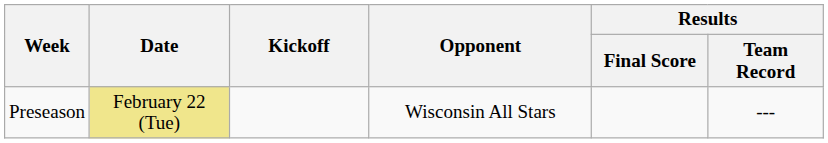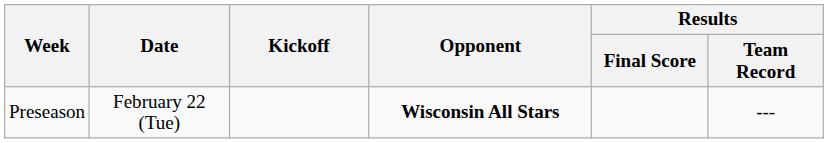 <table class="wikitable">
 <tr>
 <th rowspan="2" width="40">Week</th>
 <th rowspan="2" width="110">Date</th>
 <th rowspan="2" width="110">Kickoff</th>
 <th rowspan="2" width="180">Opponent</th>
 <th colspan="2" width="180">Results</th>
 </tr>
 <tr>
 <th width="90">Final Score</th>
 <th width="90">Team Record</th>
 </tr>
 <tr>
 <td align="center">Preseason</td>
-<td align="center" style="background: khaki;">February 22 (Tue)</td>
+<td align="center">February 22 (Tue)</td>
 <td align="center"></td>
-<td align="center">Wisconsin All Stars</td>
+<td align="center"><strong>Wisconsin All Stars</strong></td>
 <td align="center"></td>
 <td align="center">---</td>
 </tr>
 </table>
